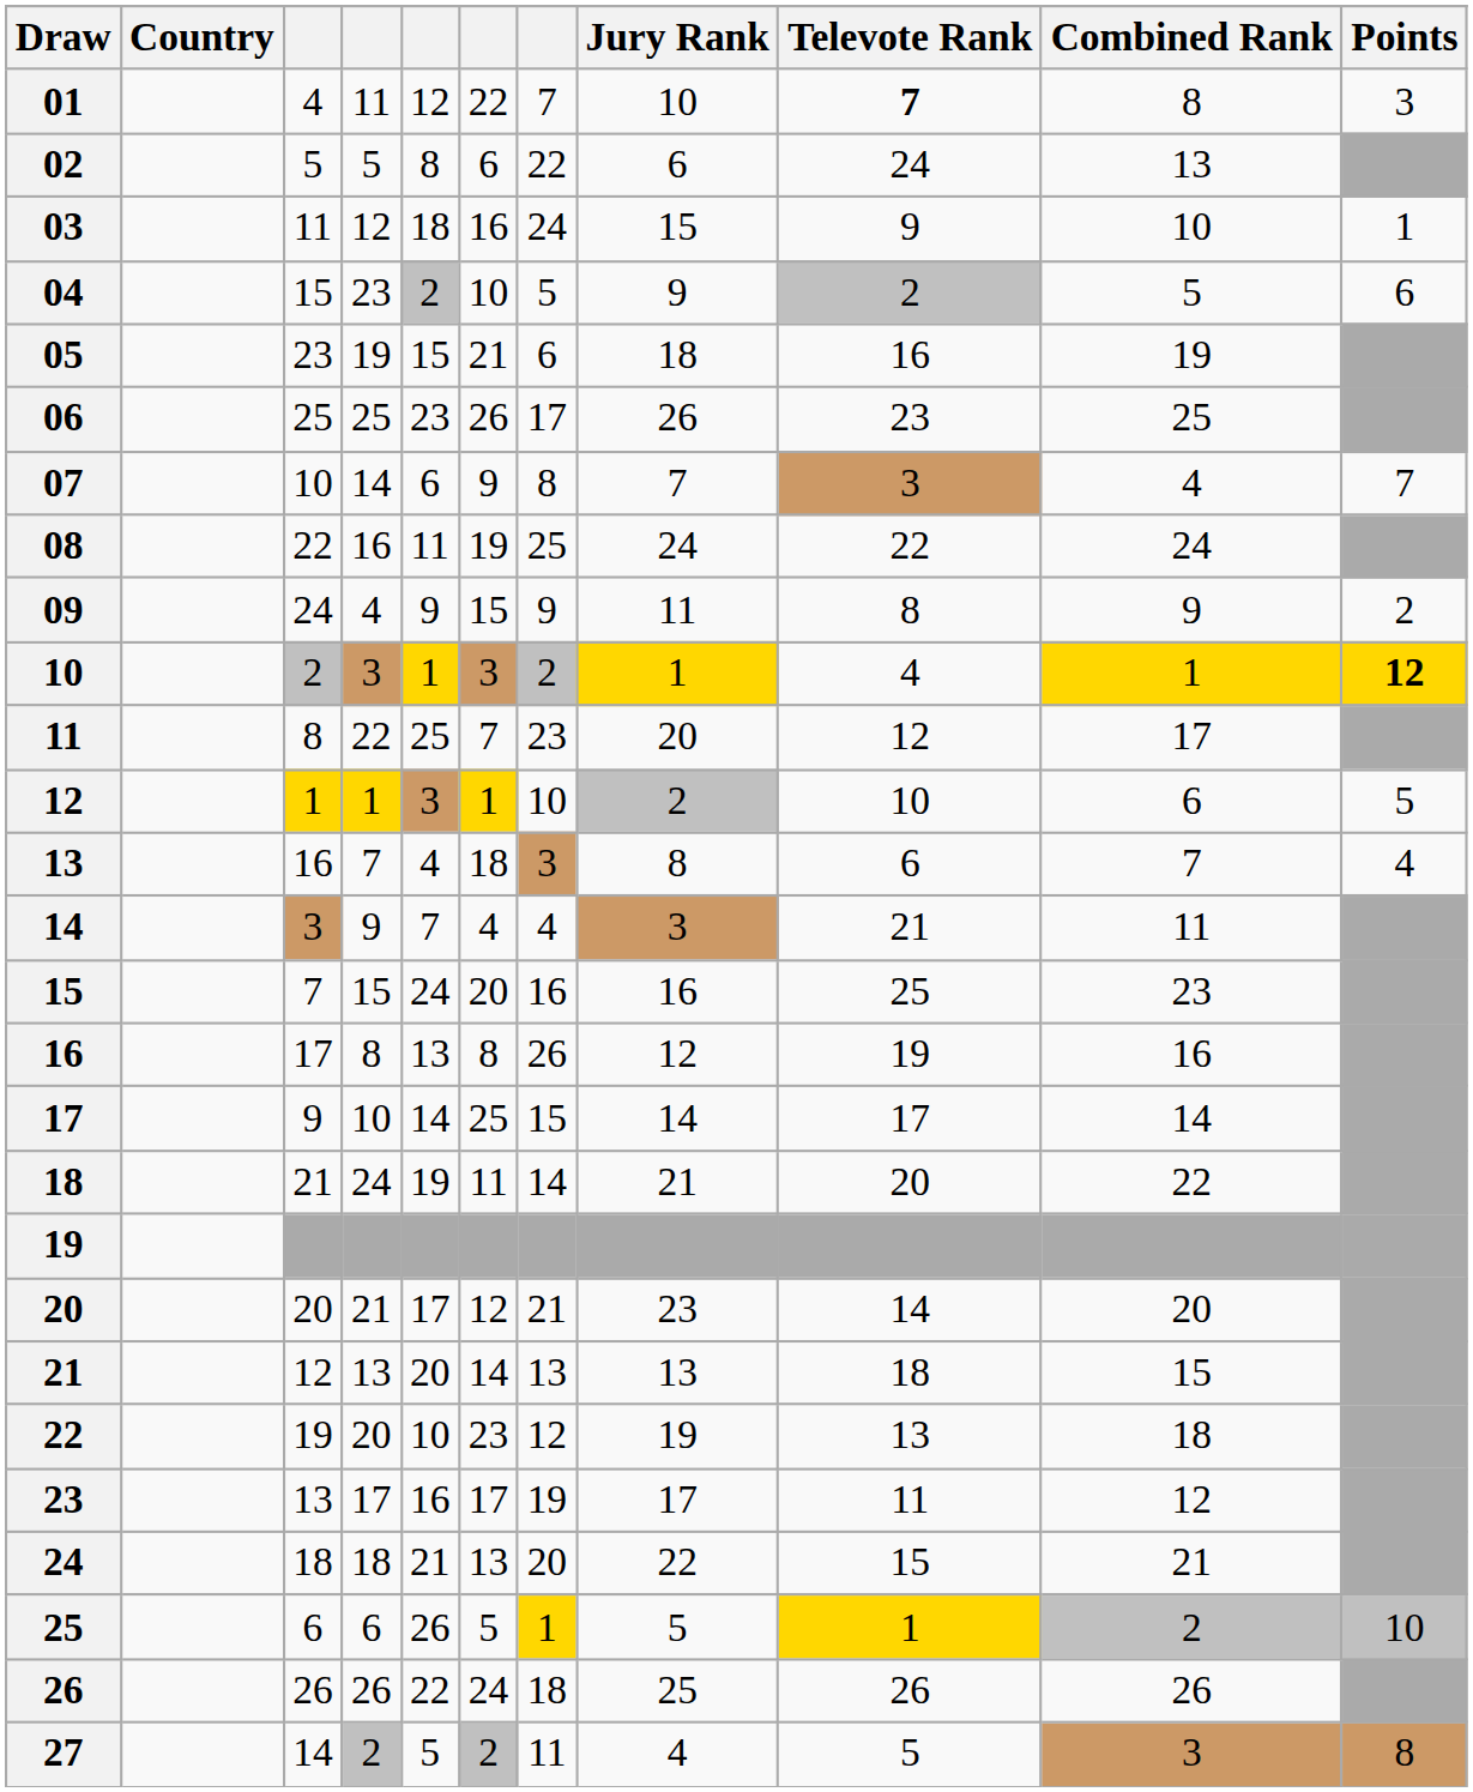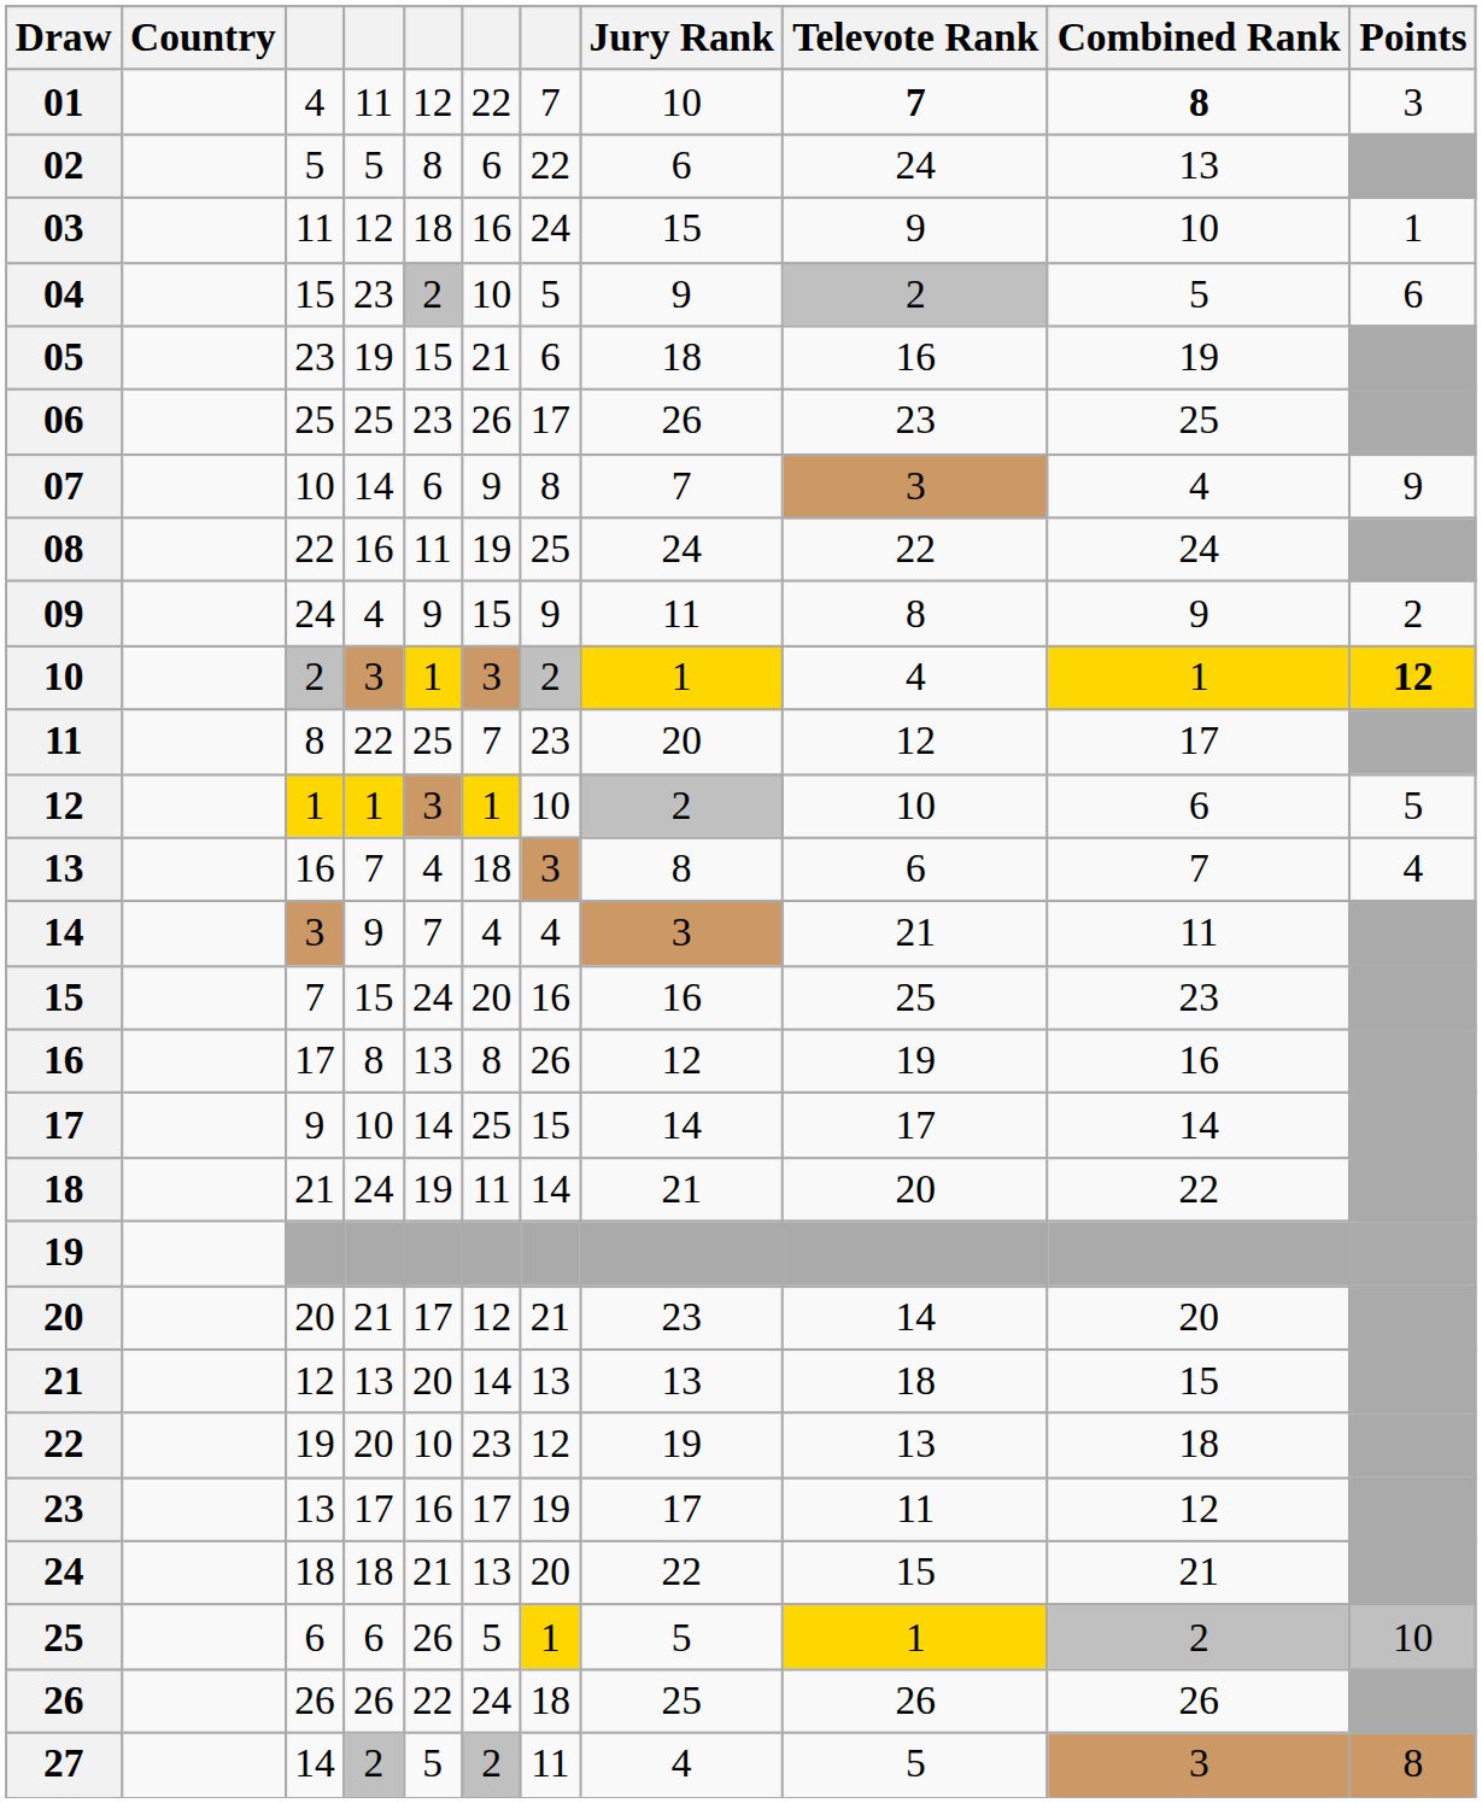 <table class="sortable wikitable collapsible plainrowheaders" style="text-align:center;">
 <tr>
 </tr>
 <tr>
 <th scope="col">Draw</th>
 <th scope="col">Country</th>
 <th scope="col"><small></small></th>
 <th scope="col"><small></small></th>
 <th scope="col"><small></small></th>
 <th scope="col"><small></small></th>
 <th scope="col"><small></small></th>
 <th scope="col">Jury Rank</th>
 <th scope="col">Televote Rank</th>
 <th scope="col">Combined Rank</th>
 <th scope="col">Points</th>
 </tr>
 <tr>
 <th scope="row" style="text-align:center;">01</th>
 <td style="text-align:left;"></td>
 <td>4</td>
 <td>11</td>
 <td>12</td>
 <td>22</td>
 <td>7</td>
 <td>10</td>
 <td><strong>7</strong></td>
-<td>8</td>
+<td><strong>8</strong></td>
 <td>3</td>
 </tr>
 <tr>
 <th scope="row" style="text-align:center;">02</th>
 <td style="text-align:left;"></td>
 <td>5</td>
 <td>5</td>
 <td>8</td>
 <td>6</td>
 <td>22</td>
 <td>6</td>
 <td>24</td>
 <td>13</td>
 <td style="background:#AAAAAA;"></td>
 </tr>
 <tr>
 <th scope="row" style="text-align:center;">03</th>
 <td style="text-align:left;"></td>
 <td>11</td>
 <td>12</td>
 <td>18</td>
 <td>16</td>
 <td>24</td>
 <td>15</td>
 <td>9</td>
 <td>10</td>
 <td>1</td>
 </tr>
 <tr>
 <th scope="row" style="text-align:center;">04</th>
 <td style="text-align:left;"></td>
 <td>15</td>
 <td>23</td>
 <td style="background:silver;">2</td>
 <td>10</td>
 <td>5</td>
 <td>9</td>
 <td style="background:silver;">2</td>
 <td>5</td>
 <td>6</td>
 </tr>
 <tr>
 <th scope="row" style="text-align:center;">05</th>
 <td style="text-align:left;"></td>
 <td>23</td>
 <td>19</td>
 <td>15</td>
 <td>21</td>
 <td>6</td>
 <td>18</td>
 <td>16</td>
 <td>19</td>
 <td style="background:#AAAAAA;"></td>
 </tr>
 <tr>
 <th scope="row" style="text-align:center;">06</th>
 <td style="text-align:left;"></td>
 <td>25</td>
 <td>25</td>
 <td>23</td>
 <td>26</td>
 <td>17</td>
 <td>26</td>
 <td>23</td>
 <td>25</td>
 <td style="background:#AAAAAA;"></td>
 </tr>
 <tr>
 <th scope="row" style="text-align:center;">07</th>
 <td style="text-align:left;"></td>
 <td>10</td>
 <td>14</td>
 <td>6</td>
 <td>9</td>
 <td>8</td>
 <td>7</td>
 <td style="background:#CC9966;">3</td>
 <td>4</td>
-<td>7</td>
+<td>9</td>
 </tr>
 <tr>
 <th scope="row" style="text-align:center;">08</th>
 <td style="text-align:left;"></td>
 <td>22</td>
 <td>16</td>
 <td>11</td>
 <td>19</td>
 <td>25</td>
 <td>24</td>
 <td>22</td>
 <td>24</td>
 <td style="background:#AAAAAA;"></td>
 </tr>
 <tr>
 <th scope="row" style="text-align:center;">09</th>
 <td style="text-align:left;"></td>
 <td>24</td>
 <td>4</td>
 <td>9</td>
 <td>15</td>
 <td>9</td>
 <td>11</td>
 <td>8</td>
 <td>9</td>
 <td>2</td>
 </tr>
 <tr>
 <th scope="row" style="text-align:center;">10</th>
 <td style="text-align:left;"></td>
 <td style="background:silver;">2</td>
 <td style="background:#CC9966;">3</td>
 <td style="background:gold;">1</td>
 <td style="background:#CC9966;">3</td>
 <td style="background:silver;">2</td>
 <td style="background:gold;">1</td>
 <td>4</td>
 <td style="background:gold;">1</td>
 <td style="background:gold;"><strong>12</strong></td>
 </tr>
 <tr>
 <th scope="row" style="text-align:center;">11</th>
 <td style="text-align:left;"></td>
 <td>8</td>
 <td>22</td>
 <td>25</td>
 <td>7</td>
 <td>23</td>
 <td>20</td>
 <td>12</td>
 <td>17</td>
 <td style="background:#AAAAAA;"></td>
 </tr>
 <tr>
 <th scope="row" style="text-align:center;">12</th>
 <td style="text-align:left;"></td>
 <td style="background:gold;">1</td>
 <td style="background:gold;">1</td>
 <td style="background:#CC9966;">3</td>
 <td style="background:gold;">1</td>
 <td>10</td>
 <td style="background:silver;">2</td>
 <td>10</td>
 <td>6</td>
 <td>5</td>
 </tr>
 <tr>
 <th scope="row" style="text-align:center;">13</th>
 <td style="text-align:left;"></td>
 <td>16</td>
 <td>7</td>
 <td>4</td>
 <td>18</td>
 <td style="background:#CC9966;">3</td>
 <td>8</td>
 <td>6</td>
 <td>7</td>
 <td>4</td>
 </tr>
 <tr>
 <th scope="row" style="text-align:center;">14</th>
 <td style="text-align:left;"></td>
 <td style="background:#CC9966;">3</td>
 <td>9</td>
 <td>7</td>
 <td>4</td>
 <td>4</td>
 <td style="background:#CC9966;">3</td>
 <td>21</td>
 <td>11</td>
 <td style="background:#AAAAAA;"></td>
 </tr>
 <tr>
 <th scope="row" style="text-align:center;">15</th>
 <td style="text-align:left;"></td>
 <td>7</td>
 <td>15</td>
 <td>24</td>
 <td>20</td>
 <td>16</td>
 <td>16</td>
 <td>25</td>
 <td>23</td>
 <td style="background:#AAAAAA;"></td>
 </tr>
 <tr>
 <th scope="row" style="text-align:center;">16</th>
 <td style="text-align:left;"></td>
 <td>17</td>
 <td>8</td>
 <td>13</td>
 <td>8</td>
 <td>26</td>
 <td>12</td>
 <td>19</td>
 <td>16</td>
 <td style="background:#AAAAAA;"></td>
 </tr>
 <tr>
 <th scope="row" style="text-align:center;">17</th>
 <td style="text-align:left;"></td>
 <td>9</td>
 <td>10</td>
 <td>14</td>
 <td>25</td>
 <td>15</td>
 <td>14</td>
 <td>17</td>
 <td>14</td>
 <td style="background:#AAAAAA;"></td>
 </tr>
 <tr>
 <th scope="row" style="text-align:center;">18</th>
 <td style="text-align:left;"></td>
 <td>21</td>
 <td>24</td>
 <td>19</td>
 <td>11</td>
 <td>14</td>
 <td>21</td>
 <td>20</td>
 <td>22</td>
 <td style="background:#AAAAAA;"></td>
 </tr>
 <tr class="sortbottom">
 <th scope="row" style="text-align:center;">19</th>
 <td style="text-align:left;"></td>
 <td style="background:#AAAAAA;"></td>
 <td style="background:#AAAAAA;"></td>
 <td style="background:#AAAAAA;"></td>
 <td style="background:#AAAAAA;"></td>
 <td style="background:#AAAAAA;"></td>
 <td style="background:#AAAAAA;"></td>
 <td style="background:#AAAAAA;"></td>
 <td style="background:#AAAAAA;"></td>
 <td style="background:#AAAAAA;"></td>
 </tr>
 <tr>
 <th scope="row" style="text-align:center;">20</th>
 <td style="text-align:left;"></td>
 <td>20</td>
 <td>21</td>
 <td>17</td>
 <td>12</td>
 <td>21</td>
 <td>23</td>
 <td>14</td>
 <td>20</td>
 <td style="background:#AAAAAA;"></td>
 </tr>
 <tr>
 <th scope="row" style="text-align:center;">21</th>
 <td style="text-align:left;"></td>
 <td>12</td>
 <td>13</td>
 <td>20</td>
 <td>14</td>
 <td>13</td>
 <td>13</td>
 <td>18</td>
 <td>15</td>
 <td style="background:#AAAAAA;"></td>
 </tr>
 <tr>
 <th scope="row" style="text-align:center;">22</th>
 <td style="text-align:left;"></td>
 <td>19</td>
 <td>20</td>
 <td>10</td>
 <td>23</td>
 <td>12</td>
 <td>19</td>
 <td>13</td>
 <td>18</td>
 <td style="background:#AAAAAA;"></td>
 </tr>
 <tr>
 <th scope="row" style="text-align:center;">23</th>
 <td style="text-align:left;"></td>
 <td>13</td>
 <td>17</td>
 <td>16</td>
 <td>17</td>
 <td>19</td>
 <td>17</td>
 <td>11</td>
 <td>12</td>
 <td style="background:#AAAAAA;"></td>
 </tr>
 <tr>
 <th scope="row" style="text-align:center;">24</th>
 <td style="text-align:left;"></td>
 <td>18</td>
 <td>18</td>
 <td>21</td>
 <td>13</td>
 <td>20</td>
 <td>22</td>
 <td>15</td>
 <td>21</td>
 <td style="background:#AAAAAA;"></td>
 </tr>
 <tr>
 <th scope="row" style="text-align:center;">25</th>
 <td style="text-align:left;"></td>
 <td>6</td>
 <td>6</td>
 <td>26</td>
 <td>5</td>
 <td style="background:gold;">1</td>
 <td>5</td>
 <td style="background:gold;">1</td>
 <td style="background:silver;">2</td>
 <td style="background:silver;">10</td>
 </tr>
 <tr>
 <th scope="row" style="text-align:center;">26</th>
 <td style="text-align:left;"></td>
 <td>26</td>
 <td>26</td>
 <td>22</td>
 <td>24</td>
 <td>18</td>
 <td>25</td>
 <td>26</td>
 <td>26</td>
 <td style="background:#AAAAAA;"></td>
 </tr>
 <tr>
 <th scope="row" style="text-align:center;">27</th>
 <td style="text-align:left;"></td>
 <td>14</td>
 <td style="background:silver;">2</td>
 <td>5</td>
 <td style="background:silver;">2</td>
 <td>11</td>
 <td>4</td>
 <td>5</td>
 <td style="background:#CC9966;">3</td>
 <td style="background:#CC9966;">8</td>
 </tr>
 </table>
